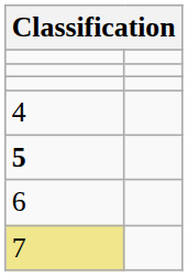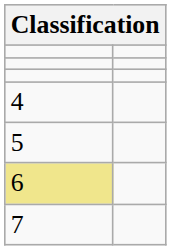 <table class="wikitable" font-size: 90%;>
 <tr>
 <th colspan=2>Classification</th>
 </tr>
 <tr valign="top">
 <td></td>
 <td></td>
 </tr>
 <tr>
 <td></td>
 <td></td>
 </tr>
 <tr>
 <td></td>
 <td></td>
 </tr>
 <tr>
 <td>4</td>
 <td></td>
 </tr>
 <tr>
-<td><strong>5</strong></td>
+<td>5</td>
 <td></td>
 </tr>
 <tr>
-<td>6</td>
+<td style="background: khaki;">6</td>
 <td></td>
 </tr>
 <tr>
-<td style="background: khaki;">7</td>
+<td>7</td>
 <td></td>
 </tr>
 </table>
